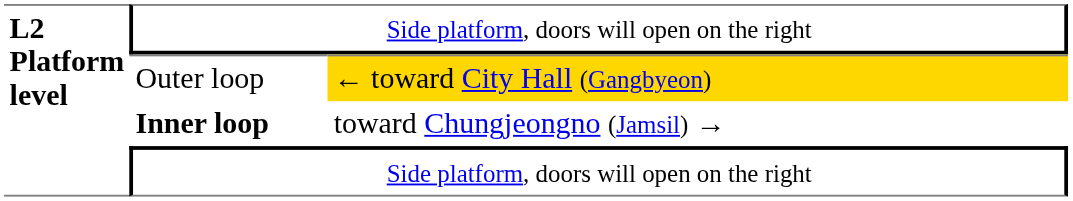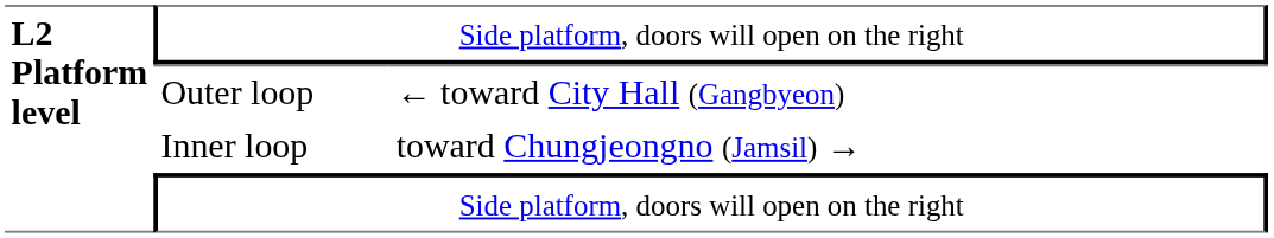 <table table border=0 cellspacing=0 cellpadding=3>
 <tr>
 <td style="border-top:solid 1px gray;border-bottom:solid 1px gray;" width=50 rowspan=10 valign=top><strong>L2<br>Platform level</strong></td>
 <td style="border-top:solid 1px gray;border-right:solid 2px black;border-left:solid 2px black;border-bottom:solid 2px black;text-align:center;" colspan=2><small><a href='#'>Side platform</a>, doors will open on the right </small></td>
 </tr>
 <tr>
 <td style="border-bottom:solid 0px gray;border-top:solid 1px gray;" width=100>Outer loop</td>
-<td style="background: gold; border-bottom:solid 0px gray;border-top:solid 1px gray;" width=390>←  toward <a href='#'>City Hall</a> <small>(<a href='#'>Gangbyeon</a>)</small></td>
+<td style="border-bottom:solid 0px gray;border-top:solid 1px gray;" width=390>←  toward <a href='#'>City Hall</a> <small>(<a href='#'>Gangbyeon</a>)</small></td>
 </tr>
 <tr>
-<td><strong>Inner loop</strong></td>
+<td>Inner loop</td>
 <td>  toward <a href='#'>Chungjeongno</a> <small>(<a href='#'>Jamsil</a>)</small> →</td>
 </tr>
 <tr>
 <td style="border-top:solid 2px black;border-right:solid 2px black;border-left:solid 2px black;border-bottom:solid 1px gray;text-align:center;" colspan=2><small><a href='#'>Side platform</a>, doors will open on the right </small></td>
 </tr>
 </table>
